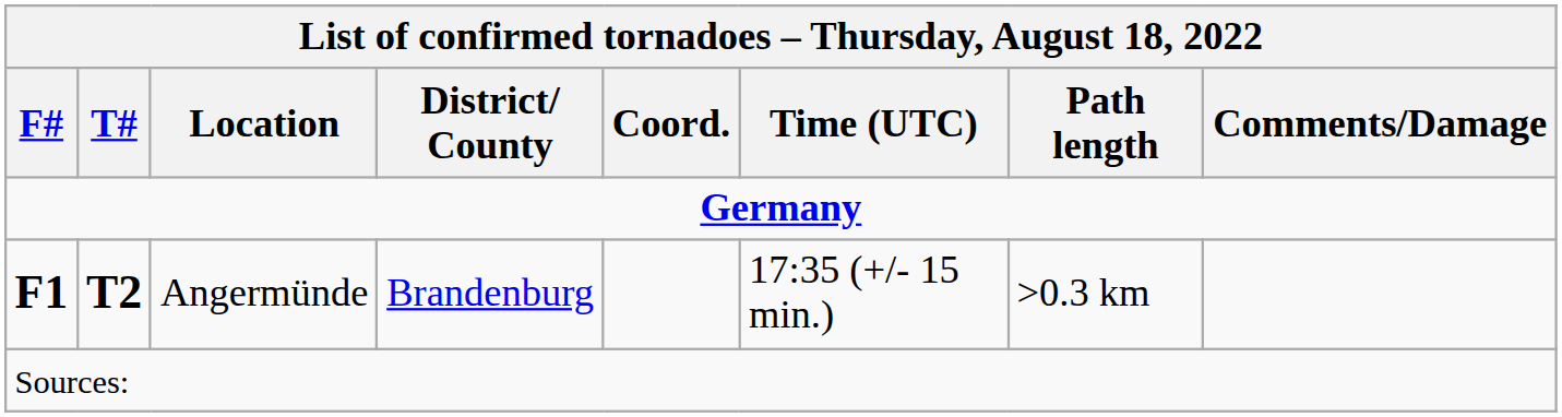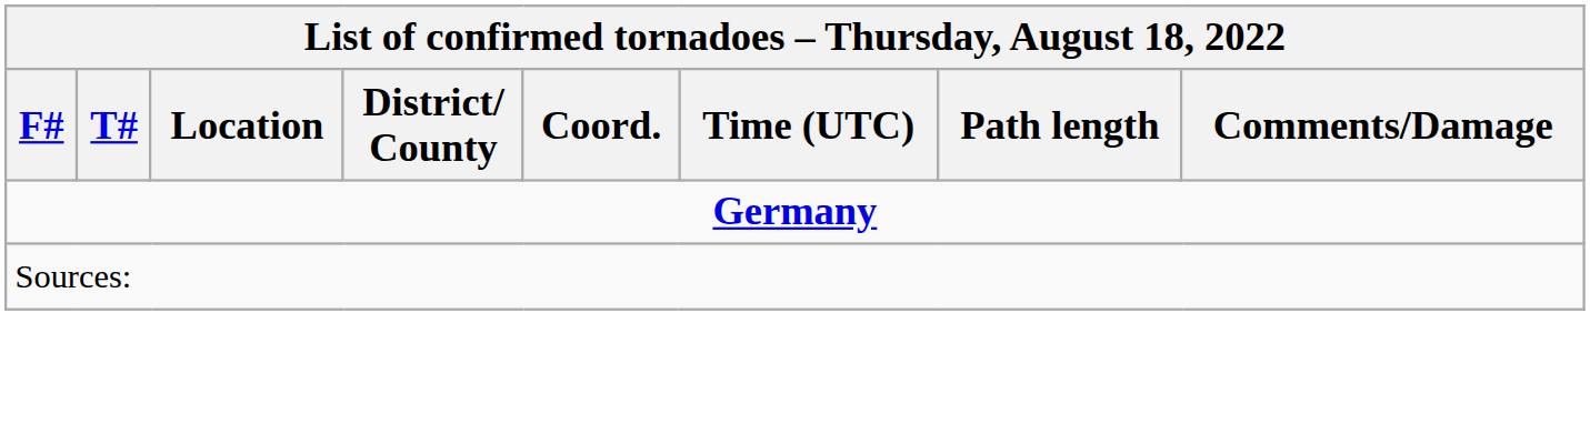 <table class="wikitable collapsible" width="100%">
 <tr>
 <th colspan="8">List of confirmed tornadoes – Thursday, August 18, 2022</th>
 </tr>
 <tr>
 <th><a href='#'>F#</a></th>
 <th><a href='#'>T#</a></th>
 <th>Location</th>
 <th>District/<br>County</th>
 <th>Coord.</th>
 <th>Time (UTC)</th>
 <th>Path length</th>
 <th>Comments/Damage</th>
 </tr>
 <tr>
 <td colspan="8" align=center><strong><a href='#'>Germany</a></strong></td>
 </tr>
 <tr>
-<td><big><strong>F1</strong></big></td>
-<td><big><strong>T2</strong></big></td>
-<td>Angermünde</td>
-<td><a href='#'>Brandenburg</a></td>
-<td></td>
-<td>17:35 (+/- 15 min.)</td>
-<td>>0.3 km</td>
-<td></td>
-</tr>
-<tr>
 <td colspan="8"><small>Sources:  </small></td>
 </tr>
 </table>
